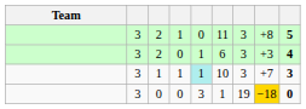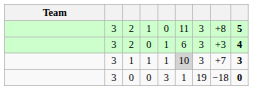 <table class="wikitable" style="text-align:center;">
 <tr>
 <th width=150>Team</th>
 <th width=20></th>
 <th width=20></th>
 <th width=20></th>
 <th width=20></th>
 <th width=20></th>
 <th width=20></th>
 <th width=20></th>
 <th width=20></th>
 </tr>
 <tr bgcolor=#ccffcc>
 <td align=left></td>
 <td>3</td>
 <td>2</td>
 <td>1</td>
 <td>0</td>
 <td>11</td>
 <td>3</td>
 <td>+8</td>
 <td><strong>5</strong></td>
 </tr>
 <tr bgcolor=#ccffcc>
 <td align=left></td>
 <td>3</td>
 <td>2</td>
 <td>0</td>
 <td>1</td>
 <td>6</td>
 <td>3</td>
 <td>+3</td>
 <td><strong>4</strong></td>
 </tr>
 <tr>
 <td align=left></td>
 <td>3</td>
 <td>1</td>
 <td>1</td>
-<td style="background: paleturquoise;">1</td>
-<td>10</td>
+<td>1</td>
+<td style="background: lightgrey;">10</td>
 <td>3</td>
 <td>+7</td>
 <td><strong>3</strong></td>
 </tr>
 <tr>
 <td align=left></td>
 <td>3</td>
 <td>0</td>
 <td>0</td>
 <td>3</td>
 <td>1</td>
 <td>19</td>
-<td style="background: gold;">−18</td>
+<td>−18</td>
 <td><strong>0</strong></td>
 </tr>
 </table>
